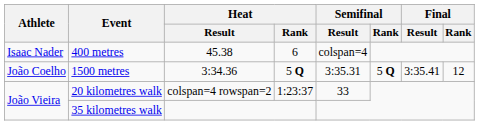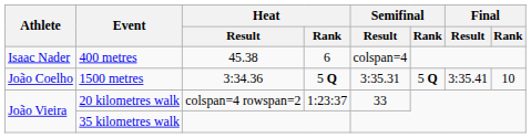 <table class="wikitable" style="font-size:90%">
 <tr>
 <th rowspan="2">Athlete</th>
 <th rowspan="2">Event</th>
 <th colspan="2">Heat</th>
 <th colspan="2">Semifinal</th>
 <th colspan="2">Final</th>
 </tr>
 <tr style="font-size:95%">
 <th>Result</th>
 <th>Rank</th>
 <th>Result</th>
 <th>Rank</th>
 <th>Result</th>
 <th>Rank</th>
 </tr>
 <tr align=center>
 <td align=left><a href='#'>Isaac Nader</a></td>
 <td align=left><a href='#'>400 metres</a></td>
 <td>45.38</td>
 <td>6</td>
 <td>colspan=4 </td>
 </tr>
 <tr align=center>
 <td align=left><a href='#'>João Coelho</a></td>
 <td align=left><a href='#'>1500 metres</a></td>
 <td>3:34.36</td>
 <td>5 <strong>Q</strong></td>
 <td>3:35.31</td>
 <td>5 <strong>Q</strong></td>
 <td>3:35.41</td>
-<td>12</td>
+<td>10</td>
 </tr>
 <tr align=center>
 <td rowspan=2 align=left><a href='#'>João Vieira</a></td>
 <td align=left><a href='#'>20 kilometres walk</a></td>
 <td>colspan=4 rowspan=2 </td>
 <td>1:23:37</td>
 <td>33</td>
 </tr>
 <tr align=center>
 <td align=left><a href='#'>35 kilometres walk</a></td>
 <td colspan=2></td>
 </tr>
 </table>
